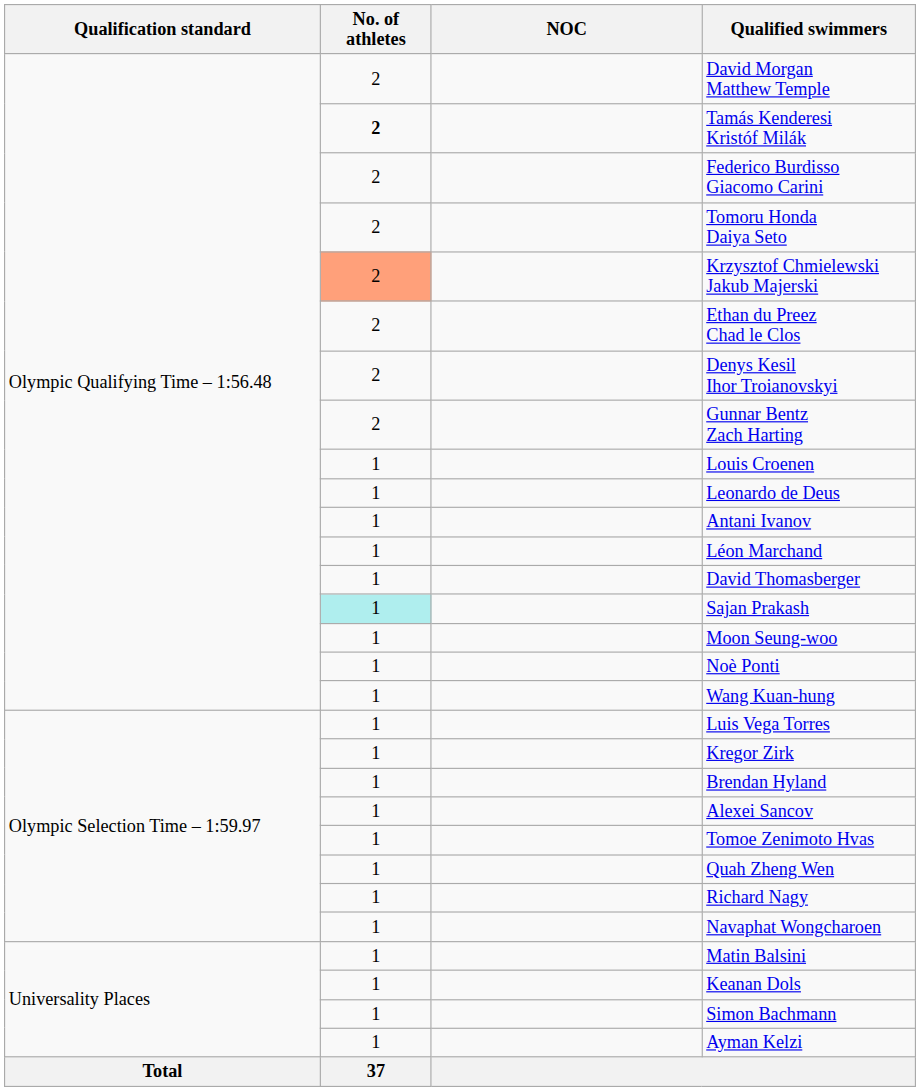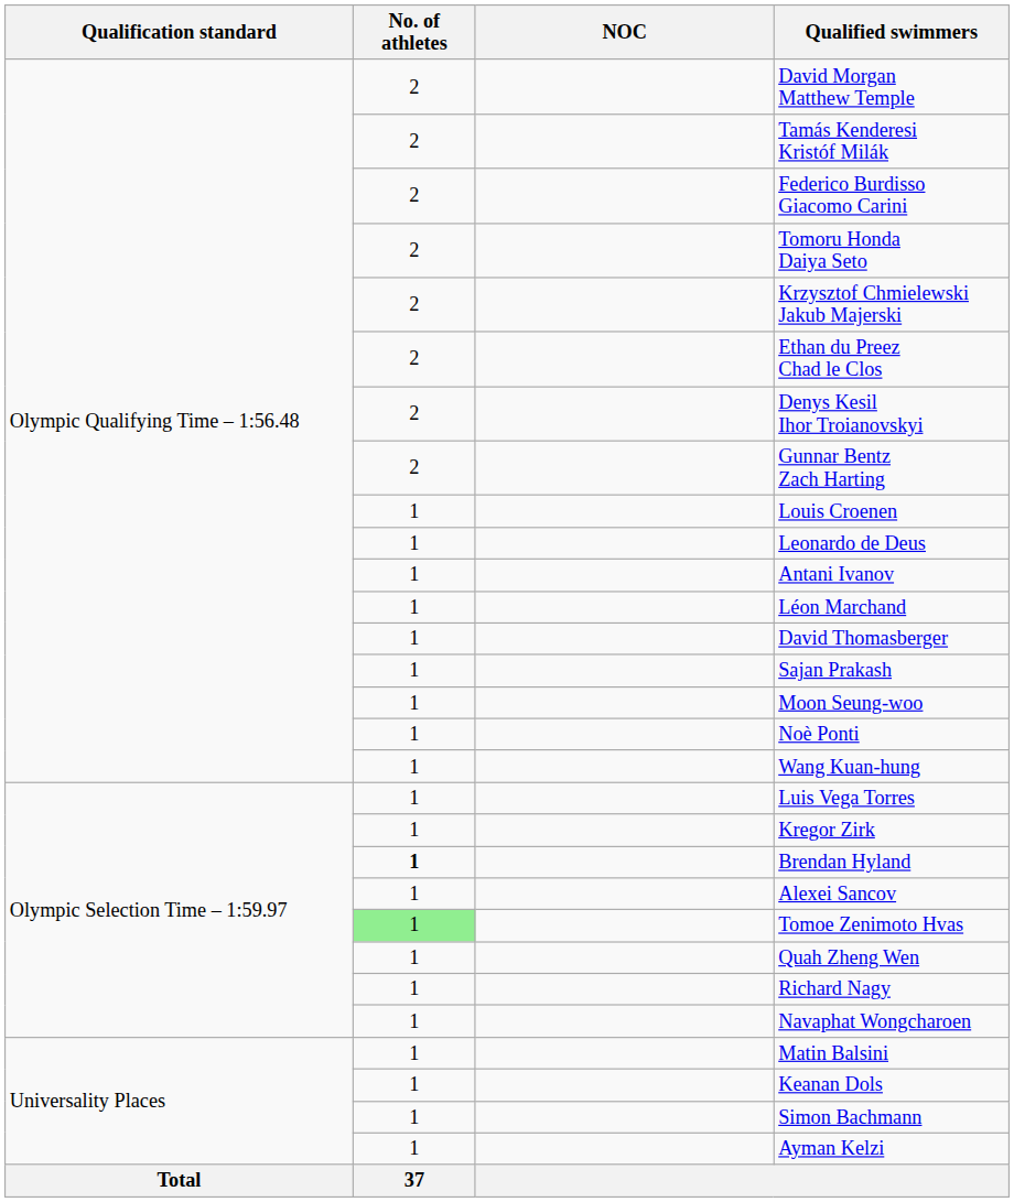 <table class=wikitable style="text-align:left" width=800>
 <tr>
 <th>Qualification standard</th>
 <th width=90>No. of athletes</th>
 <th width=230>NOC</th>
 <th>Qualified swimmers</th>
 </tr>
 <tr>
 <td rowspan=17>Olympic Qualifying Time – 1:56.48</td>
 <td align=center>2</td>
 <td></td>
 <td><a href='#'>David Morgan</a><br><a href='#'>Matthew Temple</a></td>
 </tr>
 <tr>
-<td align=center><strong>2</strong></td>
+<td align=center>2</td>
 <td></td>
 <td><a href='#'>Tamás Kenderesi</a><br><a href='#'>Kristóf Milák</a></td>
 </tr>
 <tr>
 <td align="center">2</td>
 <td></td>
 <td><a href='#'>Federico Burdisso</a><br><a href='#'>Giacomo Carini</a></td>
 </tr>
 <tr>
 <td align=center>2</td>
 <td></td>
 <td><a href='#'>Tomoru Honda</a><br><a href='#'>Daiya Seto</a></td>
 </tr>
 <tr>
-<td align=center style="background: lightsalmon;">2</td>
+<td align=center>2</td>
 <td></td>
 <td><a href='#'>Krzysztof Chmielewski</a><br><a href='#'>Jakub Majerski</a></td>
 </tr>
 <tr>
 <td align=center>2</td>
 <td></td>
 <td><a href='#'>Ethan du Preez</a><br><a href='#'>Chad le Clos</a></td>
 </tr>
 <tr>
 <td align=center>2</td>
 <td></td>
 <td><a href='#'>Denys Kesil</a><br><a href='#'>Ihor Troianovskyi</a></td>
 </tr>
 <tr>
 <td align=center>2</td>
 <td></td>
 <td><a href='#'>Gunnar Bentz</a><br><a href='#'>Zach Harting</a></td>
 </tr>
 <tr>
 <td align=center>1</td>
 <td></td>
 <td><a href='#'>Louis Croenen</a></td>
 </tr>
 <tr>
 <td align=center>1</td>
 <td></td>
 <td><a href='#'>Leonardo de Deus</a></td>
 </tr>
 <tr>
 <td align=center>1</td>
 <td></td>
 <td><a href='#'>Antani Ivanov</a></td>
 </tr>
 <tr>
 <td align=center>1</td>
 <td></td>
 <td><a href='#'>Léon Marchand</a></td>
 </tr>
 <tr>
 <td align=center>1</td>
 <td></td>
 <td><a href='#'>David Thomasberger</a></td>
 </tr>
 <tr>
-<td align=center style="background: paleturquoise;">1</td>
+<td align=center>1</td>
 <td></td>
 <td><a href='#'>Sajan Prakash</a></td>
 </tr>
 <tr>
 <td align=center>1</td>
 <td></td>
 <td><a href='#'>Moon Seung-woo</a></td>
 </tr>
 <tr>
 <td align=center>1</td>
 <td></td>
 <td><a href='#'>Noè Ponti</a></td>
 </tr>
 <tr>
 <td align=center>1</td>
 <td></td>
 <td><a href='#'>Wang Kuan-hung</a></td>
 </tr>
 <tr>
 <td rowspan=8>Olympic Selection Time – 1:59.97</td>
 <td align=center>1</td>
 <td></td>
 <td><a href='#'>Luis Vega Torres</a></td>
 </tr>
 <tr>
 <td align=center>1</td>
 <td></td>
 <td><a href='#'>Kregor Zirk</a></td>
 </tr>
 <tr>
-<td align=center>1</td>
+<td align=center><strong>1</strong></td>
 <td></td>
 <td><a href='#'>Brendan Hyland</a></td>
 </tr>
 <tr>
 <td align=center>1</td>
 <td></td>
 <td><a href='#'>Alexei Sancov</a></td>
 </tr>
 <tr>
-<td align=center>1</td>
+<td align=center style="background: lightgreen;">1</td>
 <td></td>
 <td><a href='#'>Tomoe Zenimoto Hvas</a></td>
 </tr>
 <tr>
 <td align=center>1</td>
 <td></td>
 <td><a href='#'>Quah Zheng Wen</a></td>
 </tr>
 <tr>
 <td align=center>1</td>
 <td></td>
 <td><a href='#'>Richard Nagy</a></td>
 </tr>
 <tr>
 <td align=center>1</td>
 <td></td>
 <td><a href='#'>Navaphat Wongcharoen</a></td>
 </tr>
 <tr>
 <td rowspan=4>Universality Places</td>
 <td align=center>1</td>
 <td></td>
 <td><a href='#'>Matin Balsini</a></td>
 </tr>
 <tr>
 <td align=center>1</td>
 <td></td>
 <td><a href='#'>Keanan Dols</a></td>
 </tr>
 <tr>
 <td align=center>1</td>
 <td></td>
 <td><a href='#'>Simon Bachmann</a></td>
 </tr>
 <tr>
 <td align=center>1</td>
 <td></td>
 <td><a href='#'>Ayman Kelzi</a></td>
 </tr>
 <tr>
 <th><strong>Total</strong></th>
 <th>37</th>
 <th colspan=2></th>
 </tr>
 </table>
